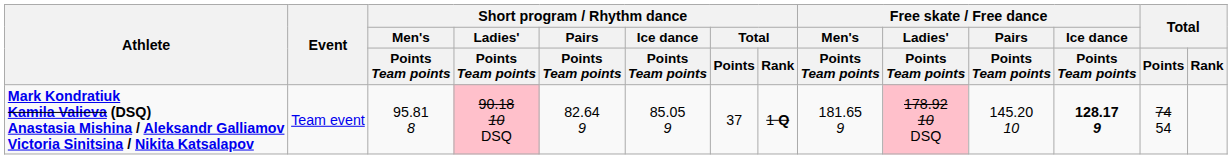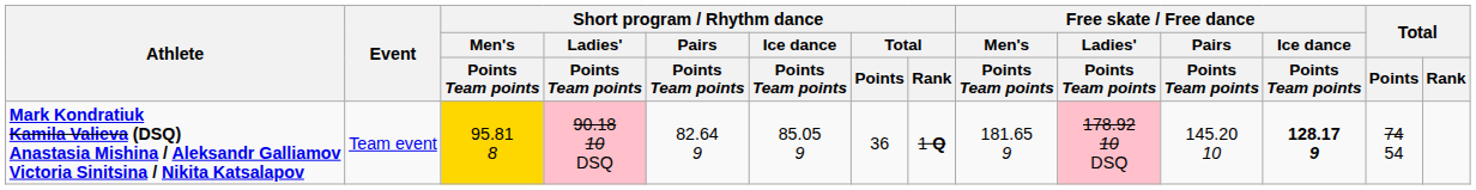 <table class=wikitable style="text-align:center; font-size:90%">
 <tr>
 <th rowspan=3>Athlete</th>
 <th rowspan=3>Event</th>
 <th colspan=6>Short program / Rhythm dance</th>
 <th colspan=4>Free skate / Free dance</th>
 <th colspan=2 rowspan=2>Total</th>
 </tr>
 <tr style="font-size:95%">
 <th>Men's</th>
 <th>Ladies'</th>
 <th>Pairs</th>
 <th>Ice dance</th>
 <th colspan=2>Total</th>
 <th>Men's</th>
 <th>Ladies'</th>
 <th>Pairs</th>
 <th>Ice dance</th>
 </tr>
 <tr style="font-size:95%">
 <th>Points<br><em>Team points</em></th>
 <th>Points<br><em>Team points</em></th>
 <th>Points<br><em>Team points</em></th>
 <th>Points<br><em>Team points</em></th>
 <th>Points</th>
 <th>Rank</th>
 <th>Points<br><em>Team points</em></th>
 <th>Points<br><em>Team points</em></th>
 <th>Points<br><em>Team points</em></th>
 <th>Points<br><em>Team points</em></th>
 <th>Points</th>
 <th>Rank</th>
 </tr>
 <tr>
 <td align=left><strong><a href='#'>Mark Kondratiuk</a><br><s><a href='#'>Kamila Valieva</a></s> (DSQ)<br><a href='#'>Anastasia Mishina</a> / <a href='#'>Aleksandr Galliamov</a><br><a href='#'>Victoria Sinitsina</a> / <a href='#'>Nikita Katsalapov</a></strong></td>
 <td align=left><a href='#'>Team event</a></td>
-<td>95.81 <br><em>8</em></td>
+<td style="background: gold;">95.81 <br><em>8</em></td>
 <td bgcolor=pink><s>90.18</s><br><s><em>10</em></s><br>DSQ</td>
 <td>82.64 <br><em>9</em></td>
 <td>85.05 <br><em>9</em></td>
-<td>37</td>
+<td>36</td>
 <td><s>1 <strong>Q</strong></s></td>
 <td>181.65<br><em>9</em></td>
 <td bgcolor=pink><s>178.92</s><br><s><em>10</em></s><br>DSQ</td>
 <td>145.20<br><em>10</em></td>
 <td><strong>128.17<br><em>9</em></strong></td>
 <td><s>74</s><br>54</td>
 <td></td>
 </tr>
 </table>
